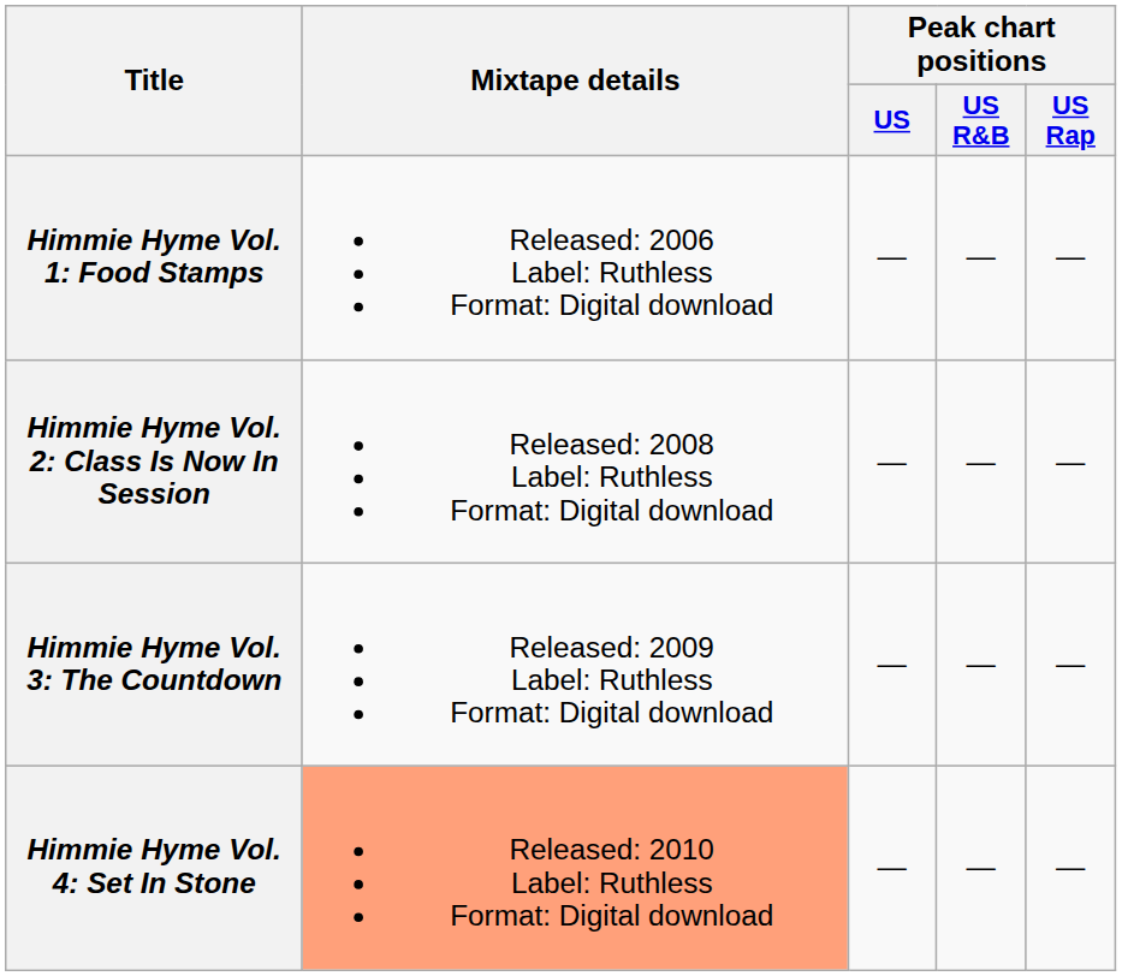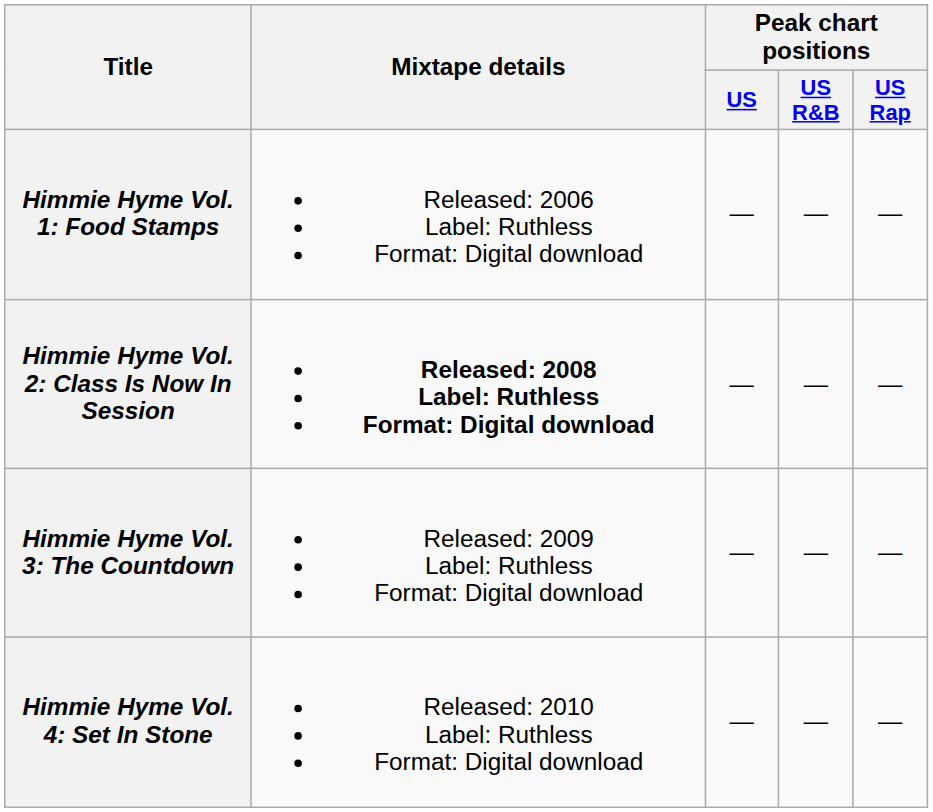 <table class="wikitable plainrowheaders" style="text-align:center;">
 <tr>
 <th rowspan="2" scope="col" style="width:10em;">Title</th>
 <th rowspan="2" scope="col" style="width:19em;">Mixtape details</th>
 <th colspan="3">Peak chart positions</th>
 </tr>
 <tr>
 <th scope="col" style="width:3em;font-size:90%;"><a href='#'>US</a></th>
 <th scope="col" style="width:3em;font-size:90%;"><a href='#'>US R&B</a></th>
 <th scope="col" style="width:3em;font-size:90%;"><a href='#'>US<br>Rap</a></th>
 </tr>
 <tr>
 <th scope="row"><em>Himmie Hyme Vol. 1: Food Stamps</em></th>
 <td><br><ul><li>Released: 2006</li><li>Label: Ruthless</li><li>Format: Digital download</li></ul></td>
 <td>—</td>
 <td>—</td>
 <td>—</td>
 </tr>
 <tr>
 <th scope="row"><em>Himmie Hyme Vol. 2: Class Is Now In Session</em></th>
-<td><br><ul><li>Released: 2008</li><li>Label: Ruthless</li><li>Format: Digital download</li></ul></td>
+<td><strong><br><ul><li>Released: 2008</li><li>Label: Ruthless</li><li>Format: Digital download</li></ul></strong></td>
 <td>—</td>
 <td>—</td>
 <td>—</td>
 </tr>
 <tr>
 <th scope="row"><em>Himmie Hyme Vol. 3: The Countdown</em></th>
 <td><br><ul><li>Released: 2009</li><li>Label: Ruthless</li><li>Format: Digital download</li></ul></td>
 <td>—</td>
 <td>—</td>
 <td>—</td>
 </tr>
 <tr>
 <th scope="row"><em>Himmie Hyme Vol. 4: Set In Stone</em></th>
-<td style="background: lightsalmon;"><br><ul><li>Released: 2010</li><li>Label: Ruthless</li><li>Format: Digital download</li></ul></td>
+<td><br><ul><li>Released: 2010</li><li>Label: Ruthless</li><li>Format: Digital download</li></ul></td>
 <td>—</td>
 <td>—</td>
 <td>—</td>
 </tr>
 </table>
